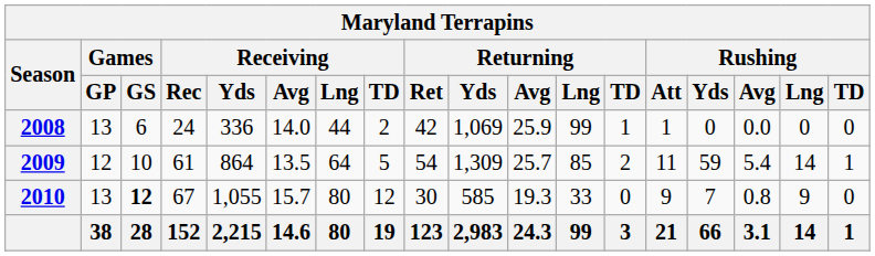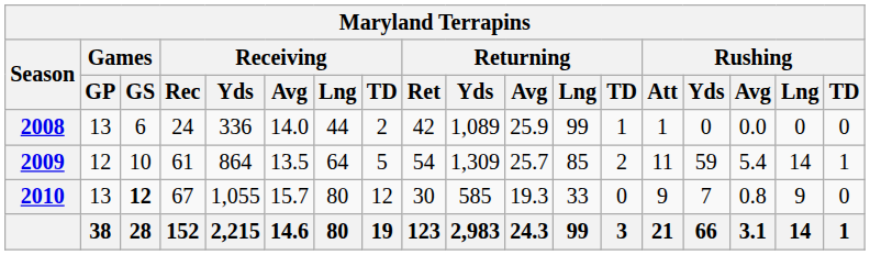 <table class="wikitable" style="text-align:center">
 <tr>
 <th colspan="19">Maryland Terrapins</th>
 </tr>
 <tr>
 <th rowspan="2">Season</th>
 <th colspan="2">Games</th>
 <th colspan="5">Receiving</th>
 <th colspan="5">Returning</th>
 <th colspan="5">Rushing</th>
 </tr>
 <tr>
 <th>GP</th>
 <th>GS</th>
 <th>Rec</th>
 <th>Yds</th>
 <th>Avg</th>
 <th>Lng</th>
 <th>TD</th>
 <th>Ret</th>
 <th>Yds</th>
 <th>Avg</th>
 <th>Lng</th>
 <th>TD</th>
 <th>Att</th>
 <th>Yds</th>
 <th>Avg</th>
 <th>Lng</th>
 <th>TD</th>
 </tr>
 <tr>
 <th><a href='#'>2008</a></th>
 <td>13</td>
 <td>6</td>
 <td>24</td>
 <td>336</td>
 <td>14.0</td>
 <td>44</td>
 <td>2</td>
 <td>42</td>
-<td>1,069</td>
+<td>1,089</td>
 <td>25.9</td>
 <td>99</td>
 <td>1</td>
 <td>1</td>
 <td>0</td>
 <td>0.0</td>
 <td>0</td>
 <td>0</td>
 </tr>
 <tr>
 <th><a href='#'>2009</a></th>
 <td>12</td>
 <td>10</td>
 <td>61</td>
 <td>864</td>
 <td>13.5</td>
 <td>64</td>
 <td>5</td>
 <td>54</td>
 <td>1,309</td>
 <td>25.7</td>
 <td>85</td>
 <td>2</td>
 <td>11</td>
 <td>59</td>
 <td>5.4</td>
 <td>14</td>
 <td>1</td>
 </tr>
 <tr>
 <th><a href='#'>2010</a></th>
 <td>13</td>
 <td><strong>12</strong></td>
 <td>67</td>
 <td>1,055</td>
 <td>15.7</td>
 <td>80</td>
 <td>12</td>
 <td>30</td>
 <td>585</td>
 <td>19.3</td>
 <td>33</td>
 <td>0</td>
 <td>9</td>
 <td>7</td>
 <td>0.8</td>
 <td>9</td>
 <td>0</td>
 </tr>
 <tr>
 <th></th>
 <th>38</th>
 <th>28</th>
 <th>152</th>
 <th>2,215</th>
 <th>14.6</th>
 <th>80</th>
 <th>19</th>
 <th>123</th>
 <th>2,983</th>
 <th>24.3</th>
 <th>99</th>
 <th>3</th>
 <th>21</th>
 <th>66</th>
 <th>3.1</th>
 <th>14</th>
 <th>1</th>
 </tr>
 </table>
